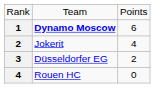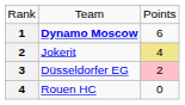 <table class="wikitable" style="text-align: center;">
 <tr>
 <td>Rank</td>
 <td>Team</td>
 <td>Points</td>
 </tr>
 <tr>
 <th>1</th>
 <td style="text-align: left;"> <strong><a href='#'>Dynamo Moscow</a></strong></td>
 <td>6</td>
 </tr>
 <tr>
 <th>2</th>
 <td style="text-align: left;"> <a href='#'>Jokerit</a></td>
-<td>4</td>
+<td style="background: khaki;">4</td>
 </tr>
 <tr>
 <th>3</th>
 <td style="text-align: left;"> <a href='#'>Düsseldorfer EG</a></td>
-<td>2</td>
+<td style="background: pink;">2</td>
 </tr>
 <tr>
 <th>4</th>
 <td style="text-align: left;"> <a href='#'>Rouen HC</a></td>
 <td>0</td>
 </tr>
 </table>
